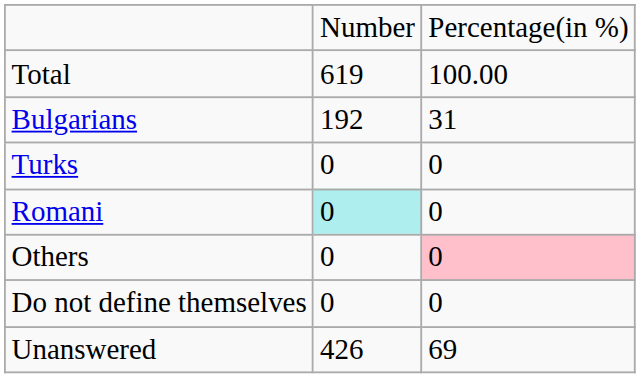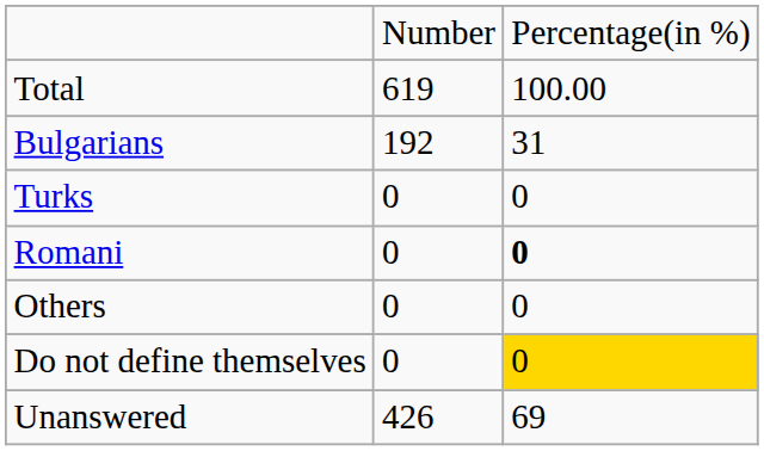 <table class="wikitable">
 <tr>
 <td></td>
 <td>Number</td>
 <td>Percentage(in %)</td>
 </tr>
 <tr>
 <td>Total</td>
 <td>619</td>
 <td>100.00</td>
 </tr>
 <tr>
 <td><a href='#'>Bulgarians</a></td>
 <td>192</td>
 <td>31</td>
 </tr>
 <tr>
 <td><a href='#'>Turks</a></td>
 <td>0</td>
 <td>0</td>
 </tr>
 <tr>
 <td><a href='#'>Romani</a></td>
-<td style="background: paleturquoise;">0</td>
 <td>0</td>
+<td><strong>0</strong></td>
 </tr>
 <tr>
 <td>Others</td>
 <td>0</td>
-<td style="background: pink;">0</td>
+<td>0</td>
 </tr>
 <tr>
 <td>Do not define themselves</td>
 <td>0</td>
-<td>0</td>
+<td style="background: gold;">0</td>
 </tr>
 <tr>
 <td>Unanswered</td>
 <td>426</td>
 <td>69</td>
 </tr>
 </table>
